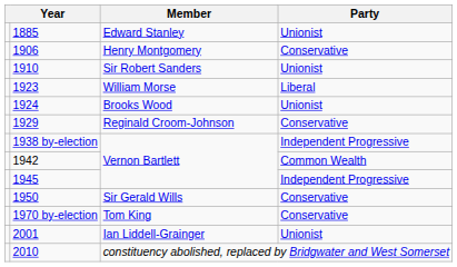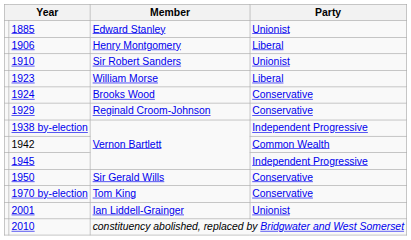 <table class="wikitable">
 <tr>
 <th colspan="2">Year</th>
 <th>Member</th>
 <th>Party</th>
 </tr>
 <tr>
 <td style="color:inherit;background-color: "></td>
 <td><a href='#'>1885</a></td>
 <td><a href='#'>Edward Stanley</a></td>
 <td><a href='#'>Unionist</a></td>
 </tr>
 <tr>
 <td style="color:inherit;background-color: "></td>
 <td><a href='#'>1906</a></td>
 <td><a href='#'>Henry Montgomery</a></td>
-<td><a href='#'>Conservative</a></td>
+<td><a href='#'>Liberal</a></td>
 </tr>
 <tr>
 <td style="color:inherit;background-color: "></td>
 <td><a href='#'>1910</a></td>
 <td><a href='#'>Sir Robert Sanders</a></td>
 <td><a href='#'>Unionist</a></td>
 </tr>
 <tr>
 <td style="color:inherit;background-color: "></td>
 <td><a href='#'>1923</a></td>
 <td><a href='#'>William Morse</a></td>
 <td><a href='#'>Liberal</a></td>
 </tr>
 <tr>
 <td style="color:inherit;background-color: "></td>
 <td><a href='#'>1924</a></td>
 <td><a href='#'>Brooks Wood</a></td>
-<td><a href='#'>Unionist</a></td>
+<td><a href='#'>Conservative</a></td>
 </tr>
 <tr>
 <td style="color:inherit;background-color: "></td>
 <td><a href='#'>1929</a></td>
 <td><a href='#'>Reginald Croom-Johnson</a></td>
 <td><a href='#'>Conservative</a></td>
 </tr>
 <tr>
 <td style="color:inherit;background-color: "></td>
 <td><a href='#'>1938 by-election</a></td>
 <td rowspan="3"><a href='#'>Vernon Bartlett</a></td>
 <td><a href='#'>Independent Progressive</a></td>
 </tr>
 <tr>
 <td style="color:inherit;background-color: "></td>
 <td>1942</td>
 <td><a href='#'>Common Wealth</a></td>
 </tr>
 <tr>
 <td style="color:inherit;background-color: "></td>
 <td><a href='#'>1945</a></td>
 <td><a href='#'>Independent Progressive</a></td>
 </tr>
 <tr>
 <td style="color:inherit;background-color: "></td>
 <td><a href='#'>1950</a></td>
 <td><a href='#'>Sir Gerald Wills</a></td>
 <td><a href='#'>Conservative</a></td>
 </tr>
 <tr>
 <td style="color:inherit;background-color: "></td>
 <td><a href='#'>1970 by-election</a></td>
 <td><a href='#'>Tom King</a></td>
 <td><a href='#'>Conservative</a></td>
 </tr>
 <tr>
 <td style="color:inherit;background-color: "></td>
 <td><a href='#'>2001</a></td>
 <td><a href='#'>Ian Liddell-Grainger</a></td>
 <td><a href='#'>Unionist</a></td>
 </tr>
 <tr>
 <td></td>
 <td><a href='#'>2010</a></td>
 <td colspan="2"><em>constituency abolished, replaced by <a href='#'>Bridgwater and West Somerset</a></em></td>
 </tr>
 </table>
